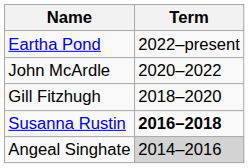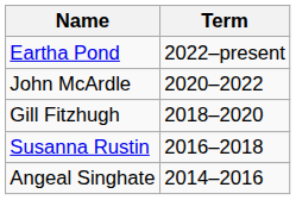 <table class="wikitable">
 <tr>
 <th>Name</th>
 <th>Term</th>
 </tr>
 <tr>
 <td><a href='#'>Eartha Pond</a></td>
 <td>2022–present</td>
 </tr>
 <tr>
 <td>John McArdle</td>
 <td>2020–2022</td>
 </tr>
 <tr>
 <td>Gill Fitzhugh</td>
 <td>2018–2020</td>
 </tr>
 <tr>
 <td><a href='#'>Susanna Rustin</a></td>
-<td><strong>2016–2018</strong></td>
+<td>2016–2018</td>
 </tr>
 <tr>
 <td>Angeal Singhate</td>
-<td style="background: lightgrey;">2014–2016</td>
+<td>2014–2016</td>
 </tr>
 </table>
